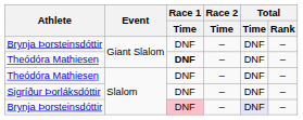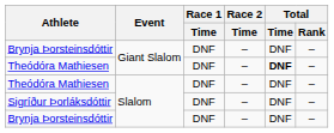 <table class="wikitable" style="font-size:90%">
 <tr>
 <th rowspan="2">Athlete</th>
 <th rowspan="2">Event</th>
 <th>Race 1</th>
 <th>Race 2</th>
 <th colspan="2">Total</th>
 </tr>
 <tr>
 <th>Time</th>
 <th>Time</th>
 <th>Time</th>
 <th>Rank</th>
 </tr>
 <tr>
 <td><a href='#'>Brynja Þorsteinsdóttir</a></td>
 <td rowspan="2">Giant Slalom</td>
 <td align="center">DNF</td>
 <td align="center">–</td>
 <td align="center">DNF</td>
 <td align="center">–</td>
 </tr>
 <tr>
 <td><a href='#'>Theódóra Mathiesen</a></td>
+<td align="center">DNF</td>
+<td align="center">–</td>
 <td align="center"><strong>DNF</strong></td>
-<td align="center">–</td>
-<td align="center">DNF</td>
 <td align="center">–</td>
 </tr>
 <tr>
 <td><a href='#'>Theódóra Mathiesen</a></td>
 <td rowspan="3">Slalom</td>
 <td align="center">DNF</td>
 <td align="center">–</td>
 <td align="center">DNF</td>
 <td align="center">–</td>
 </tr>
 <tr>
 <td><a href='#'>Sigríður Þorláksdóttir</a></td>
 <td align="center">DNF</td>
 <td align="center">–</td>
 <td align="center">DNF</td>
 <td align="center">–</td>
 </tr>
 <tr>
 <td><a href='#'>Brynja Þorsteinsdóttir</a></td>
-<td align="center" style="background: pink;">DNF</td>
+<td align="center">DNF</td>
 <td align="center">–</td>
-<td align="center" style="background: lavender;">DNF</td>
+<td align="center">DNF</td>
 <td align="center">–</td>
 </tr>
 </table>
